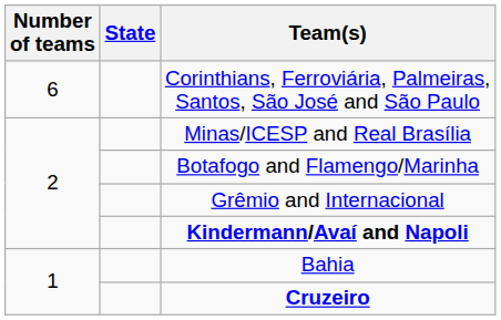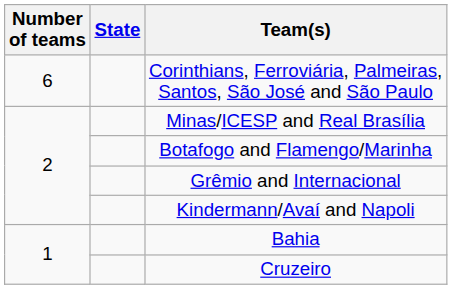 <table class="wikitable" style="text-align:center">
 <tr>
 <th>Number<br>of teams</th>
 <th><a href='#'>State</a></th>
 <th>Team(s)</th>
 </tr>
 <tr>
 <td>6</td>
 <td align=left></td>
 <td><a href='#'>Corinthians</a>, <a href='#'>Ferroviária</a>, <a href='#'>Palmeiras</a>,<br><a href='#'>Santos</a>, <a href='#'>São José</a> and <a href='#'>São Paulo</a></td>
 </tr>
 <tr>
 <td rowspan=4>2</td>
 <td align=left></td>
 <td><a href='#'>Minas</a>/<a href='#'>ICESP</a> and <a href='#'>Real Brasília</a></td>
 </tr>
 <tr>
 <td align=left></td>
 <td><a href='#'>Botafogo</a> and <a href='#'>Flamengo</a>/<a href='#'>Marinha</a></td>
 </tr>
 <tr>
 <td align=left></td>
 <td><a href='#'>Grêmio</a> and <a href='#'>Internacional</a></td>
 </tr>
 <tr>
 <td align=left></td>
-<td><strong><a href='#'>Kindermann</a>/<a href='#'>Avaí</a> and <a href='#'>Napoli</a></strong></td>
+<td><a href='#'>Kindermann</a>/<a href='#'>Avaí</a> and <a href='#'>Napoli</a></td>
 </tr>
 <tr>
 <td rowspan=2>1</td>
 <td align=left></td>
 <td><a href='#'>Bahia</a></td>
 </tr>
 <tr>
 <td align=left></td>
-<td><strong><a href='#'>Cruzeiro</a></strong></td>
+<td><a href='#'>Cruzeiro</a></td>
 </tr>
 </table>
